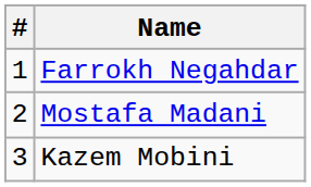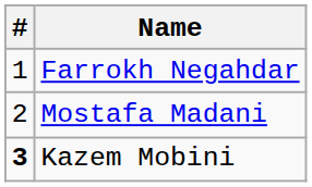 <table class="wikitable" style="text-align:left">
 <tr>
 <th>#</th>
 <th>Name</th>
 </tr>
 <tr>
 <td>1</td>
 <td><a href='#'>Farrokh Negahdar</a></td>
 </tr>
 <tr>
 <td>2</td>
 <td><a href='#'>Mostafa Madani</a></td>
 </tr>
 <tr>
-<td>3</td>
+<td><strong>3</strong></td>
 <td>Kazem Mobini</td>
 </tr>
 </table>
